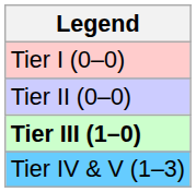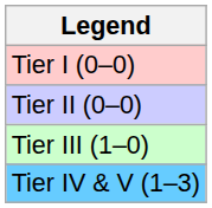 <table class=wikitable style=font-size:92%>
 <tr>
 <th>Legend</th>
 </tr>
 <tr>
 <td bgcolor=#ffcccc>Tier I (0–0)</td>
 </tr>
 <tr>
 <td bgcolor=#ccccff>Tier II (0–0)</td>
 </tr>
 <tr>
-<td bgcolor=#CCFFCC><strong>Tier III (1–0)</strong></td>
+<td bgcolor=#CCFFCC>Tier III (1–0)</td>
 </tr>
 <tr>
 <td bgcolor=#66CCFF>Tier IV & V (1–3)</td>
 </tr>
 </table>
